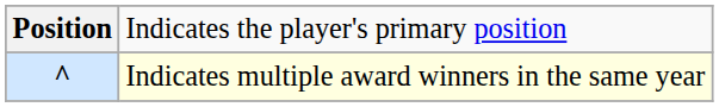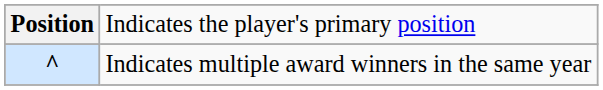 <table class="wikitable plainrowheaders" style="font-size:85%">
 <tr>
 <th scope="row" style="text-align:center"><strong>Position</strong></th>
 <td>Indicates the player's primary <a href='#'>position</a></td>
 </tr>
 <tr>
 <th scope="row" style="text-align:center; background-color:#D0E7FF">^</th>
-<td style="background: lightyellow;">Indicates multiple award winners in the same year</td>
+<td>Indicates multiple award winners in the same year</td>
 </tr>
 </table>
